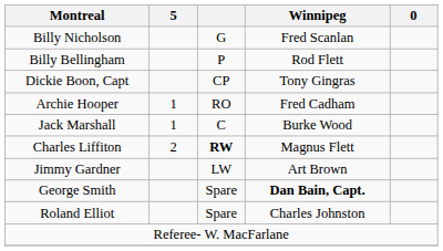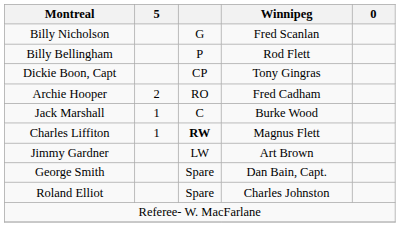 <table class="wikitable" style="text-align:center;">
 <tr>
 <th style="width:10em">Montreal</th>
 <th style="width:3em">5</th>
 <th style="width:3em"></th>
 <th style="width:10em">Winnipeg</th>
 <th style="width:3em">0</th>
 </tr>
 <tr>
 <td>Billy Nicholson</td>
 <td></td>
 <td>G</td>
 <td>Fred Scanlan</td>
 <td></td>
 </tr>
 <tr>
 <td>Billy Bellingham</td>
 <td></td>
 <td>P</td>
 <td>Rod Flett</td>
 <td></td>
 </tr>
 <tr>
 <td>Dickie Boon, Capt</td>
 <td></td>
 <td>CP</td>
 <td>Tony Gingras</td>
 <td></td>
 </tr>
 <tr>
 <td>Archie Hooper</td>
-<td>1</td>
+<td>2</td>
 <td>RO</td>
 <td>Fred Cadham</td>
 <td></td>
 </tr>
 <tr>
 <td>Jack Marshall</td>
 <td>1</td>
 <td>C</td>
 <td>Burke Wood</td>
 <td></td>
 </tr>
 <tr>
 <td>Charles Liffiton</td>
-<td>2</td>
+<td>1</td>
 <td><strong>RW</strong></td>
 <td>Magnus Flett</td>
 <td></td>
 </tr>
 <tr>
 <td>Jimmy Gardner</td>
 <td></td>
 <td>LW</td>
 <td>Art Brown</td>
 <td></td>
 </tr>
 <tr>
 <td>George Smith</td>
 <td></td>
 <td>Spare</td>
-<td><strong>Dan Bain, Capt.</strong></td>
+<td>Dan Bain, Capt.</td>
 <td></td>
 </tr>
 <tr>
 <td>Roland Elliot</td>
 <td></td>
 <td>Spare</td>
 <td>Charles Johnston</td>
 <td></td>
 </tr>
 <tr>
 <td colspan="5">Referee- W. MacFarlane</td>
 </tr>
 <tr>
 </tr>
 </table>
